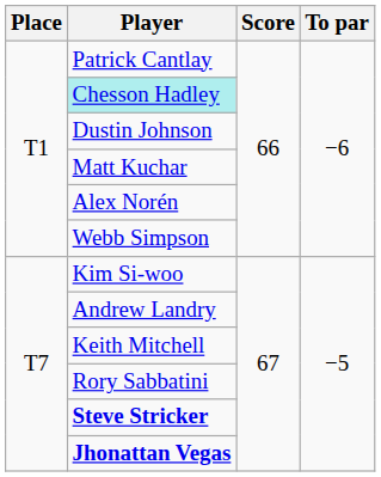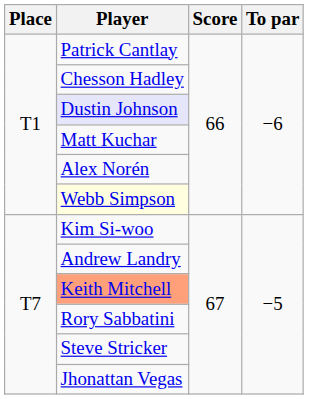 <table class="wikitable">
 <tr>
 <th>Place</th>
 <th>Player</th>
 <th>Score</th>
 <th>To par</th>
 </tr>
 <tr>
 <td rowspan=6 align=center>T1</td>
 <td> <a href='#'>Patrick Cantlay</a></td>
 <td rowspan=6 align=center>66</td>
 <td rowspan=6 align=center>−6</td>
 </tr>
 <tr>
-<td style="background: paleturquoise;"> <a href='#'>Chesson Hadley</a></td>
+<td> <a href='#'>Chesson Hadley</a></td>
 </tr>
 <tr>
-<td> <a href='#'>Dustin Johnson</a></td>
+<td style="background: lavender;"> <a href='#'>Dustin Johnson</a></td>
 </tr>
 <tr>
 <td> <a href='#'>Matt Kuchar</a></td>
 </tr>
 <tr>
 <td> <a href='#'>Alex Norén</a></td>
 </tr>
 <tr>
-<td> <a href='#'>Webb Simpson</a></td>
+<td style="background: lightyellow;"> <a href='#'>Webb Simpson</a></td>
 </tr>
 <tr>
 <td rowspan=6 align=center>T7</td>
 <td> <a href='#'>Kim Si-woo</a></td>
 <td rowspan=6 align=center>67</td>
 <td rowspan=6 align=center>−5</td>
 </tr>
 <tr>
 <td> <a href='#'>Andrew Landry</a></td>
 </tr>
 <tr>
-<td> <a href='#'>Keith Mitchell</a></td>
+<td style="background: lightsalmon;"> <a href='#'>Keith Mitchell</a></td>
 </tr>
 <tr>
 <td> <a href='#'>Rory Sabbatini</a></td>
 </tr>
 <tr>
-<td><strong> <a href='#'>Steve Stricker</a></strong></td>
+<td> <a href='#'>Steve Stricker</a></td>
 </tr>
 <tr>
-<td><strong> <a href='#'>Jhonattan Vegas</a></strong></td>
+<td> <a href='#'>Jhonattan Vegas</a></td>
 </tr>
 </table>
